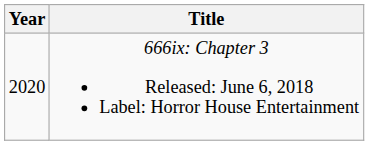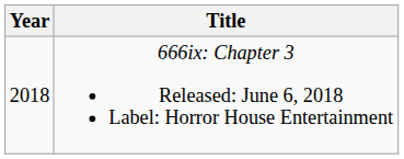 <table class="wikitable" style="text-align:center;">
 <tr>
 <th>Year</th>
 <th>Title</th>
 </tr>
 <tr>
-<td>2020</td>
+<td>2018</td>
 <td><em>666ix: Chapter 3</em><br><ul><li>Released: June 6, 2018</li><li>Label: Horror House Entertainment</li></ul></td>
 </tr>
 </table>
